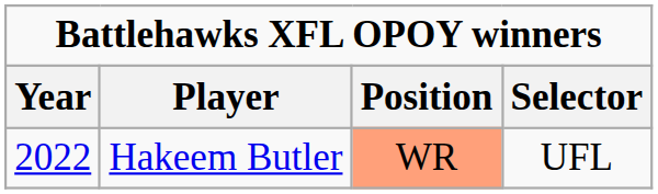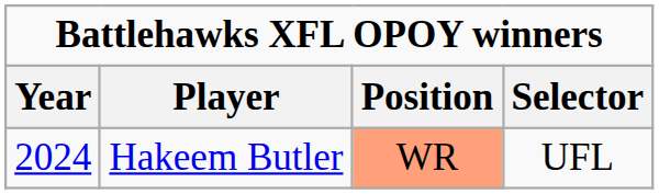 <table class="wikitable" style="text-align:center">
 <tr>
 <td align="center" colspan="4"><strong>Battlehawks XFL OPOY winners</strong></td>
 </tr>
 <tr>
 <th>Year</th>
 <th>Player</th>
 <th>Position</th>
 <th>Selector</th>
 </tr>
 <tr>
-<td><a href='#'>2022</a></td>
+<td><a href='#'>2024</a></td>
 <td><a href='#'>Hakeem Butler</a></td>
 <td style="background: lightsalmon;">WR</td>
 <td>UFL</td>
 </tr>
 </table>
